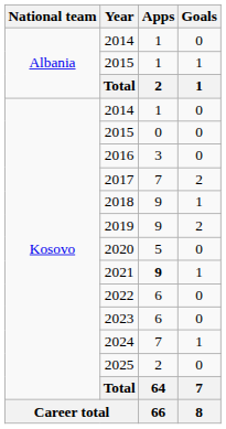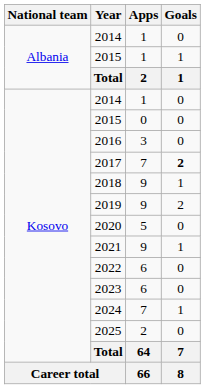 <table class="wikitable" style="text-align:center">
 <tr>
 <th>National team</th>
 <th>Year</th>
 <th>Apps</th>
 <th>Goals</th>
 </tr>
 <tr>
 <td rowspan="3"><a href='#'>Albania</a></td>
 <td>2014</td>
 <td>1</td>
 <td>0</td>
 </tr>
 <tr>
 <td>2015</td>
 <td>1</td>
 <td>1</td>
 </tr>
 <tr>
 <th>Total</th>
 <th>2</th>
 <th>1</th>
 </tr>
 <tr>
 <td rowspan="13"><a href='#'>Kosovo</a></td>
 <td>2014</td>
 <td>1</td>
 <td>0</td>
 </tr>
 <tr>
 <td>2015</td>
 <td>0</td>
 <td>0</td>
 </tr>
 <tr>
 <td>2016</td>
 <td>3</td>
 <td>0</td>
 </tr>
 <tr>
 <td>2017</td>
 <td>7</td>
-<td>2</td>
+<td><strong>2</strong></td>
 </tr>
 <tr>
 <td>2018</td>
 <td>9</td>
 <td>1</td>
 </tr>
 <tr>
 <td>2019</td>
 <td>9</td>
 <td>2</td>
 </tr>
 <tr>
 <td>2020</td>
 <td>5</td>
 <td>0</td>
 </tr>
 <tr>
 <td>2021</td>
-<td><strong>9</strong></td>
+<td>9</td>
 <td>1</td>
 </tr>
 <tr>
 <td>2022</td>
 <td>6</td>
 <td>0</td>
 </tr>
 <tr>
 <td>2023</td>
 <td>6</td>
 <td>0</td>
 </tr>
 <tr>
 <td>2024</td>
 <td>7</td>
 <td>1</td>
 </tr>
 <tr>
 <td>2025</td>
 <td>2</td>
 <td>0</td>
 </tr>
 <tr>
 <th>Total</th>
 <th>64</th>
 <th>7</th>
 </tr>
 <tr>
 <th colspan="2">Career total</th>
 <th>66</th>
 <th>8</th>
 </tr>
 </table>
